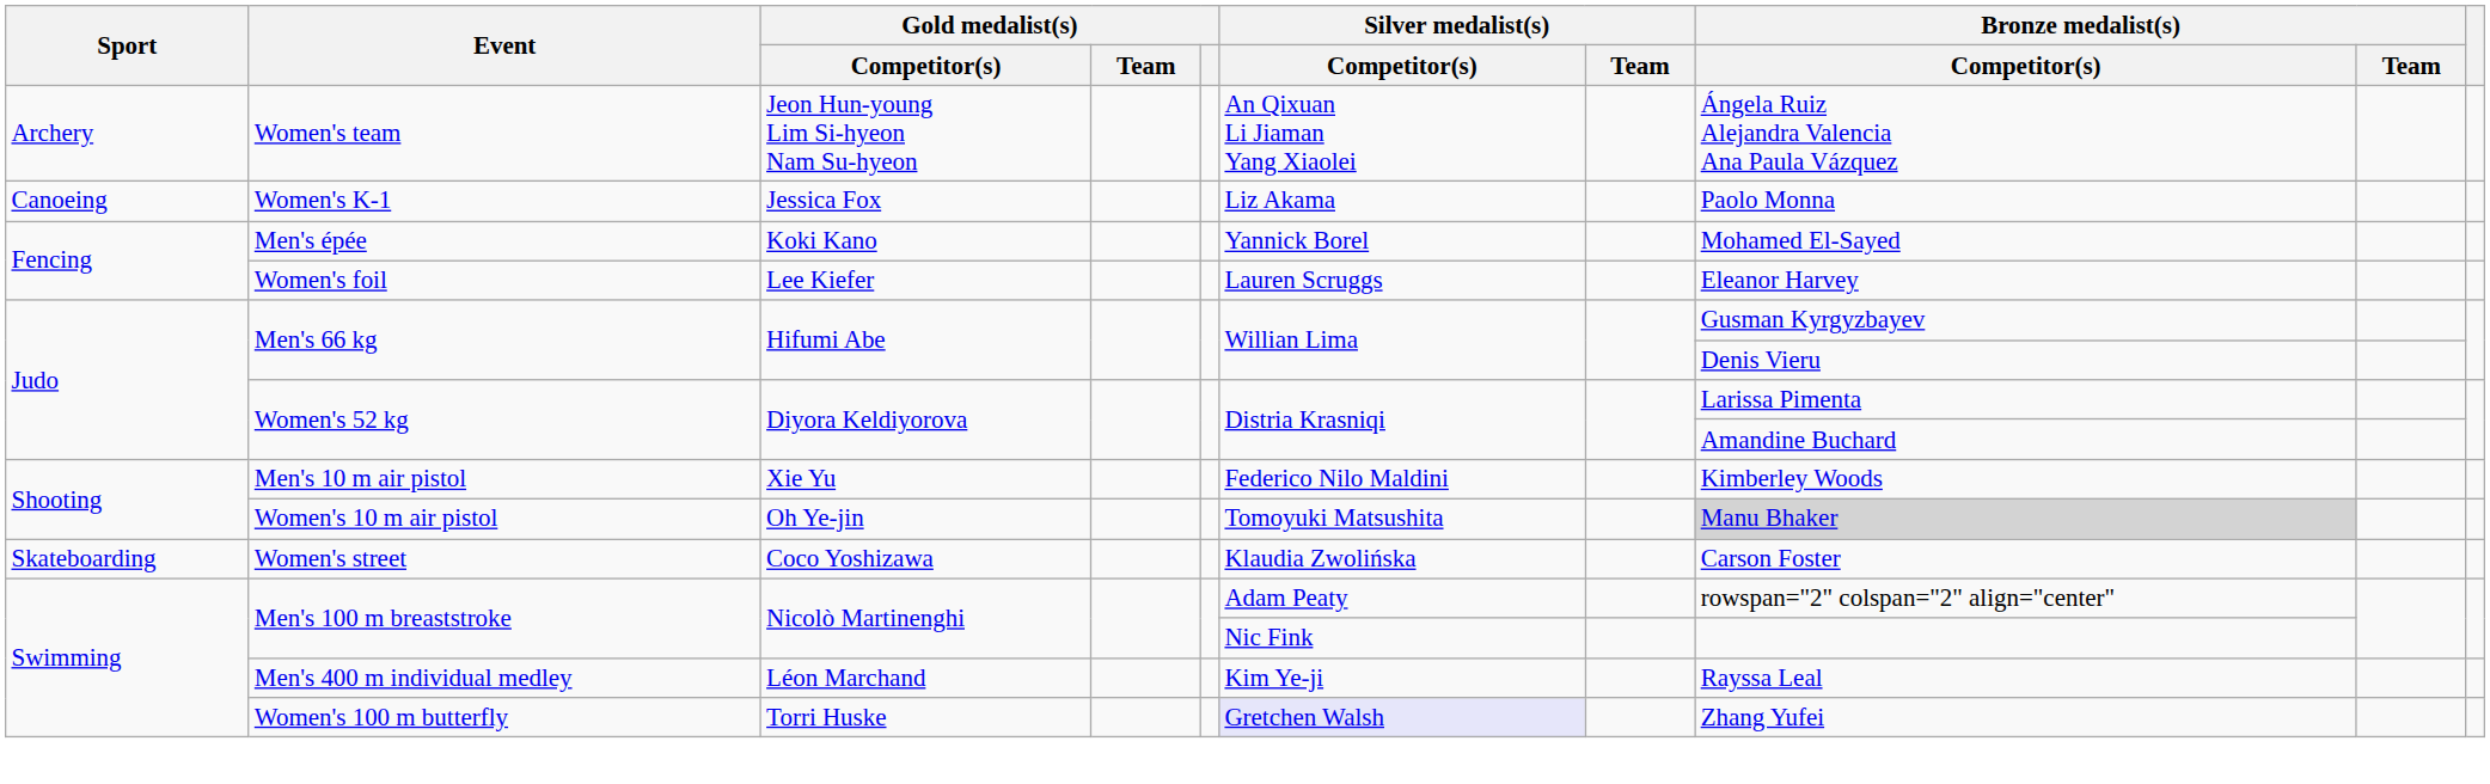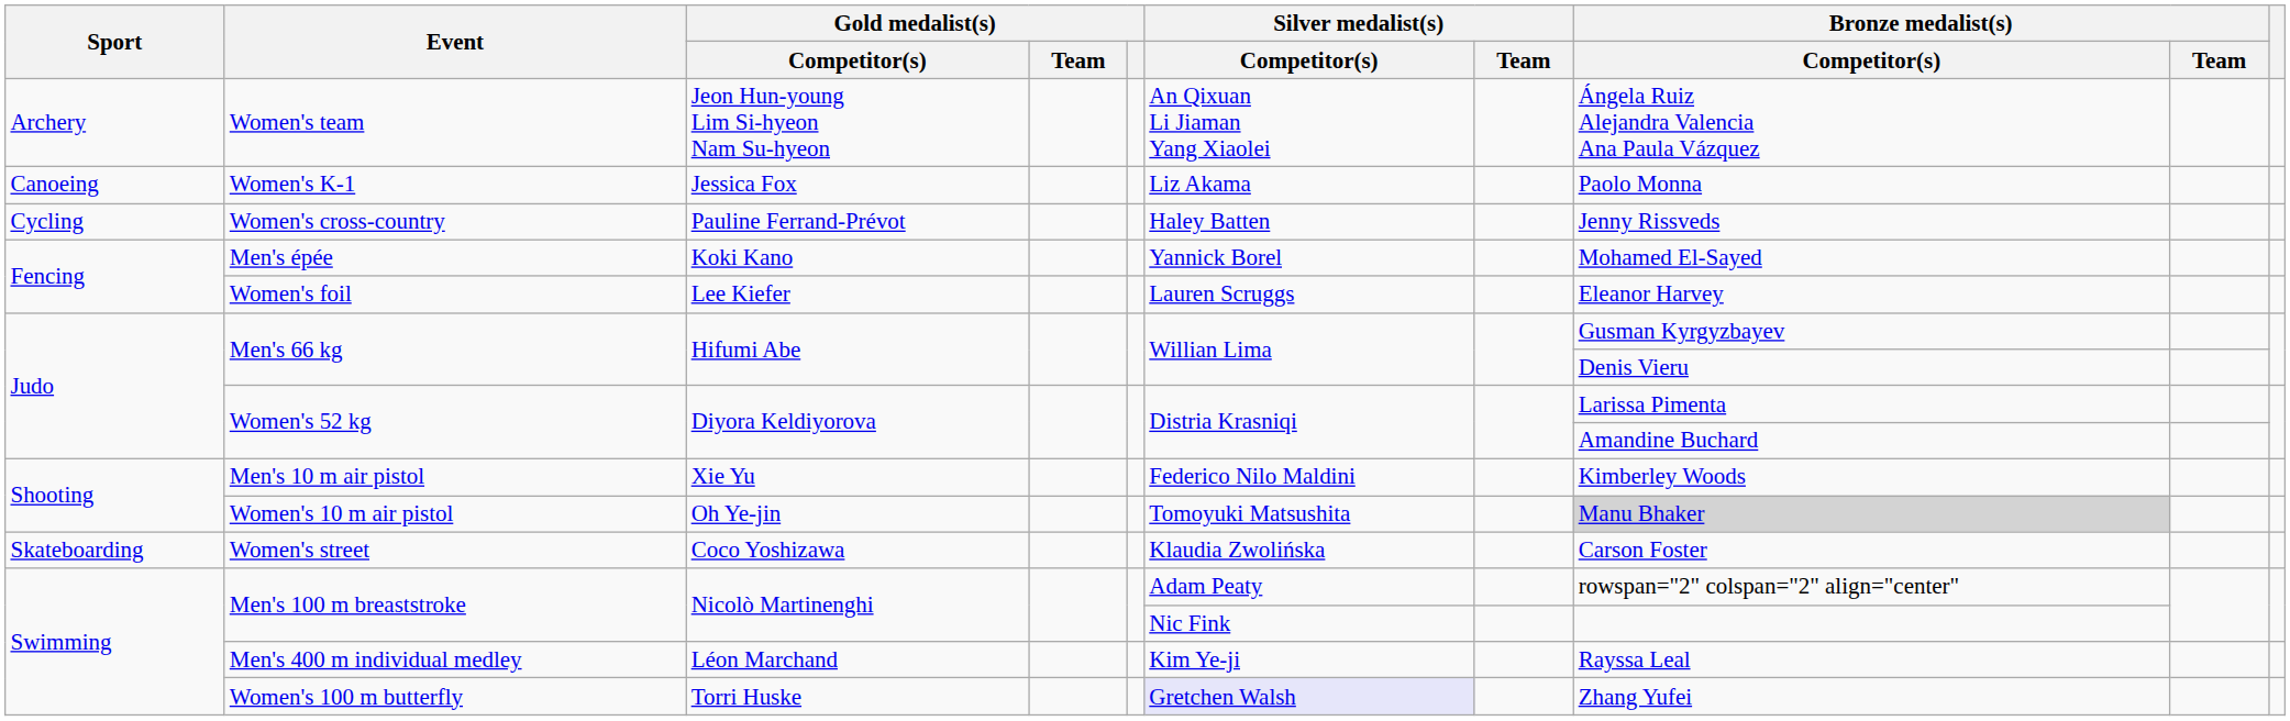 <table class="wikitable" style="width:100%;">
 <tr>
 <th rowspan="2">Sport</th>
 <th rowspan="2">Event</th>
 <th colspan="3">Gold medalist(s)</th>
 <th colspan="2">Silver medalist(s)</th>
 <th colspan="2">Bronze medalist(s)</th>
 <th rowspan="2"></th>
 </tr>
 <tr>
 <th>Competitor(s)</th>
 <th>Team</th>
 <th></th>
 <th>Competitor(s)</th>
 <th>Team</th>
 <th>Competitor(s)</th>
 <th>Team</th>
 </tr>
 <tr>
 <td><a href='#'>Archery</a></td>
 <td><a href='#'>Women's team</a></td>
 <td><a href='#'>Jeon Hun-young</a> <br> <a href='#'>Lim Si-hyeon</a> <br> <a href='#'>Nam Su-hyeon</a></td>
 <td></td>
 <td></td>
 <td><a href='#'>An Qixuan</a> <br> <a href='#'>Li Jiaman</a> <br> <a href='#'>Yang Xiaolei</a></td>
 <td></td>
 <td><a href='#'>Ángela Ruiz</a> <br> <a href='#'>Alejandra Valencia</a> <br> <a href='#'>Ana Paula Vázquez</a></td>
 <td></td>
 <td></td>
 </tr>
 <tr>
 <td><a href='#'>Canoeing</a></td>
 <td><a href='#'>Women's K-1</a></td>
 <td><a href='#'>Jessica Fox</a></td>
 <td></td>
 <td></td>
 <td><a href='#'>Liz Akama</a></td>
 <td></td>
 <td><a href='#'>Paolo Monna</a></td>
+<td></td>
+<td></td>
+</tr>
+<tr>
+<td><a href='#'>Cycling</a></td>
+<td><a href='#'>Women's cross-country</a></td>
+<td><a href='#'>Pauline Ferrand-Prévot</a></td>
+<td></td>
+<td></td>
+<td><a href='#'>Haley Batten</a></td>
+<td></td>
+<td><a href='#'>Jenny Rissveds</a></td>
 <td></td>
 <td></td>
 </tr>
 <tr>
 <td rowspan="2"><a href='#'>Fencing</a></td>
 <td><a href='#'>Men's épée</a></td>
 <td><a href='#'>Koki Kano</a></td>
 <td></td>
 <td></td>
 <td><a href='#'>Yannick Borel</a></td>
 <td></td>
 <td><a href='#'>Mohamed El-Sayed</a></td>
 <td></td>
 <td></td>
 </tr>
 <tr>
 <td><a href='#'>Women's foil</a></td>
 <td><a href='#'>Lee Kiefer</a></td>
 <td></td>
 <td></td>
 <td><a href='#'>Lauren Scruggs</a></td>
 <td></td>
 <td><a href='#'>Eleanor Harvey</a></td>
 <td></td>
 <td></td>
 </tr>
 <tr>
 <td rowspan="4"><a href='#'>Judo</a></td>
 <td rowspan="2"><a href='#'>Men's 66 kg</a></td>
 <td rowspan="2"><a href='#'>Hifumi Abe</a></td>
 <td rowspan="2"></td>
 <td rowspan="2"></td>
 <td rowspan="2"><a href='#'>Willian Lima</a></td>
 <td rowspan="2"></td>
 <td><a href='#'>Gusman Kyrgyzbayev</a></td>
 <td></td>
 <td rowspan="2"></td>
 </tr>
 <tr>
 <td><a href='#'>Denis Vieru</a></td>
 <td></td>
 </tr>
 <tr>
 <td rowspan="2"><a href='#'>Women's 52 kg</a></td>
 <td rowspan="2"><a href='#'>Diyora Keldiyorova</a></td>
 <td rowspan="2"></td>
 <td rowspan="2"></td>
 <td rowspan="2"><a href='#'>Distria Krasniqi</a></td>
 <td rowspan="2"></td>
 <td><a href='#'>Larissa Pimenta</a></td>
 <td></td>
 <td rowspan="2"></td>
 </tr>
 <tr>
 <td><a href='#'>Amandine Buchard</a></td>
 <td></td>
 </tr>
 <tr>
 <td rowspan="2"><a href='#'>Shooting</a></td>
 <td><a href='#'>Men's 10 m air pistol</a></td>
 <td><a href='#'>Xie Yu</a></td>
 <td></td>
 <td></td>
 <td><a href='#'>Federico Nilo Maldini</a></td>
 <td></td>
 <td><a href='#'>Kimberley Woods</a></td>
 <td></td>
 <td></td>
 </tr>
 <tr>
 <td><a href='#'>Women's 10 m air pistol</a></td>
 <td><a href='#'>Oh Ye-jin</a></td>
 <td></td>
 <td></td>
 <td><a href='#'>Tomoyuki Matsushita</a></td>
 <td></td>
 <td style="background: lightgrey;"><a href='#'>Manu Bhaker</a></td>
 <td></td>
 <td></td>
 </tr>
 <tr>
 <td><a href='#'>Skateboarding</a></td>
 <td><a href='#'>Women's street</a></td>
 <td><a href='#'>Coco Yoshizawa</a></td>
 <td></td>
 <td></td>
 <td><a href='#'>Klaudia Zwolińska</a></td>
 <td></td>
 <td><a href='#'>Carson Foster</a></td>
 <td></td>
 <td></td>
 </tr>
 <tr>
 <td rowspan="4"><a href='#'>Swimming</a></td>
 <td rowspan="2"><a href='#'>Men's 100 m breaststroke</a></td>
 <td rowspan="2"><a href='#'>Nicolò Martinenghi</a></td>
 <td rowspan="2"></td>
 <td rowspan="2"></td>
 <td><a href='#'>Adam Peaty</a></td>
 <td></td>
 <td>rowspan="2" colspan="2" align="center" </td>
 <td rowspan="2"></td>
 </tr>
 <tr>
 <td><a href='#'>Nic Fink</a></td>
 <td></td>
 </tr>
 <tr>
 <td><a href='#'>Men's 400 m individual medley</a></td>
 <td><a href='#'>Léon Marchand</a></td>
 <td></td>
 <td></td>
 <td><a href='#'>Kim Ye-ji</a></td>
 <td></td>
 <td><a href='#'>Rayssa Leal</a></td>
 <td></td>
 <td></td>
 </tr>
 <tr>
 <td><a href='#'>Women's 100 m butterfly</a></td>
 <td><a href='#'>Torri Huske</a></td>
 <td></td>
 <td></td>
 <td style="background: lavender;"><a href='#'>Gretchen Walsh</a></td>
 <td></td>
 <td><a href='#'>Zhang Yufei</a></td>
 <td></td>
 <td></td>
 </tr>
 </table>
